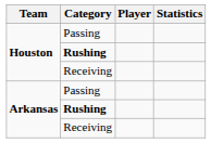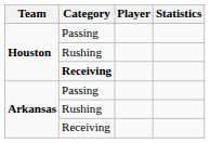 <table class="wikitable" style="float: right;">
 <tr>
 <th>Team</th>
 <th>Category</th>
 <th>Player</th>
 <th>Statistics</th>
 </tr>
 <tr>
 <td rowspan=3 !!><strong>Houston</strong></td>
 <td>Passing</td>
 <td></td>
 <td></td>
 </tr>
 <tr>
-<td><strong>Rushing</strong></td>
+<td>Rushing</td>
 <td></td>
 <td></td>
 </tr>
 <tr>
-<td>Receiving</td>
+<td><strong>Receiving</strong></td>
 <td></td>
 <td></td>
 </tr>
 <tr>
 <td rowspan=3 !!><strong>Arkansas</strong></td>
 <td>Passing</td>
 <td></td>
 <td></td>
 </tr>
 <tr>
-<td><strong>Rushing</strong></td>
+<td>Rushing</td>
 <td></td>
 <td></td>
 </tr>
 <tr>
 <td>Receiving</td>
 <td></td>
 <td></td>
 </tr>
 </table>
